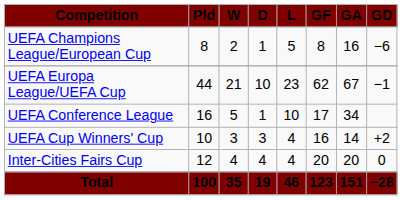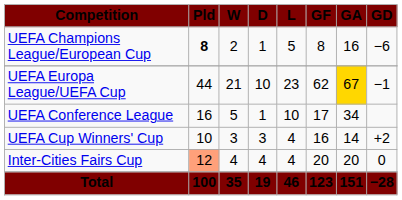 <table class="wikitable" style="text-align:center">
 <tr>
 <th scope="col" width=200 style="background-color:maroon"><span>Competition</span></th>
 <th scope="col" width=25 style="background-color:maroon"><span>Pld</span></th>
 <th scope="col" width=25 style="background-color:maroon"><span>W</span></th>
 <th scope="col" width=25 style="background-color:maroon"><span>D</span></th>
 <th scope="col" width=25 style="background-color:maroon"><span>L</span></th>
 <th scope="col" width=25 style="background-color:maroon"><span>GF</span></th>
 <th scope="col" width=25 style="background-color:maroon"><span>GA</span></th>
 <th scope="col" width=25 style="background-color:maroon"><span>GD</span></th>
 </tr>
 <tr>
 <td align=left><a href='#'>UEFA Champions League/European Cup</a></td>
-<td>8</td>
+<td><strong>8</strong></td>
 <td>2</td>
 <td>1</td>
 <td>5</td>
 <td>8</td>
 <td>16</td>
 <td>−6</td>
 </tr>
 <tr>
 </tr>
 <tr>
 <td align=left><a href='#'>UEFA Europa League/UEFA Cup</a></td>
 <td>44</td>
 <td>21</td>
 <td>10</td>
 <td>23</td>
 <td>62</td>
-<td>67</td>
+<td style="background: gold;">67</td>
 <td>−1</td>
 </tr>
 <tr>
 <td align=left><a href='#'>UEFA Conference League</a></td>
 <td>16</td>
 <td>5</td>
 <td>1</td>
 <td>10</td>
 <td>17</td>
 <td>34</td>
 <td></td>
 </tr>
 <tr>
 <td align=left><a href='#'>UEFA Cup Winners' Cup</a></td>
 <td>10</td>
 <td>3</td>
 <td>3</td>
 <td>4</td>
 <td>16</td>
 <td>14</td>
 <td>+2</td>
 </tr>
 <tr>
 <td align=left><a href='#'>Inter-Cities Fairs Cup</a></td>
-<td>12</td>
+<td style="background: lightsalmon;">12</td>
 <td>4</td>
 <td>4</td>
 <td>4</td>
 <td>20</td>
 <td>20</td>
 <td>0</td>
 </tr>
 <tr>
 </tr>
 <tr class="sortbottom">
 <th scope="col" style="background-color:maroon"><span>Total</span></th>
 <th scope="col" style="background-color:maroon"><span>100</span></th>
 <th scope="col" style="background-color:maroon"><span>35</span></th>
 <th scope="col" style="background-color:maroon"><span>19</span></th>
 <th scope="col" style="background-color:maroon"><span>46</span></th>
 <th scope="col" style="background-color:maroon"><span>123</span></th>
 <th scope="col" style="background-color:maroon"><span>151</span></th>
 <th scope="col" style="background-color:maroon"><span>−28</span></th>
 </tr>
 </table>
